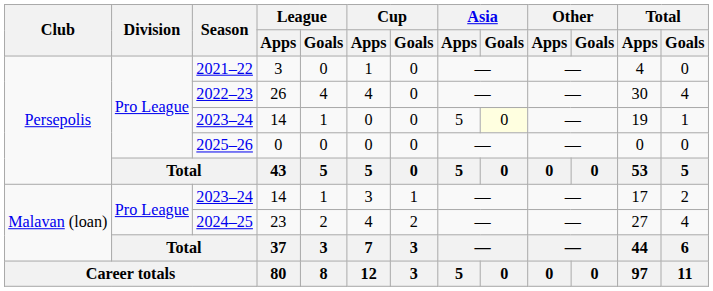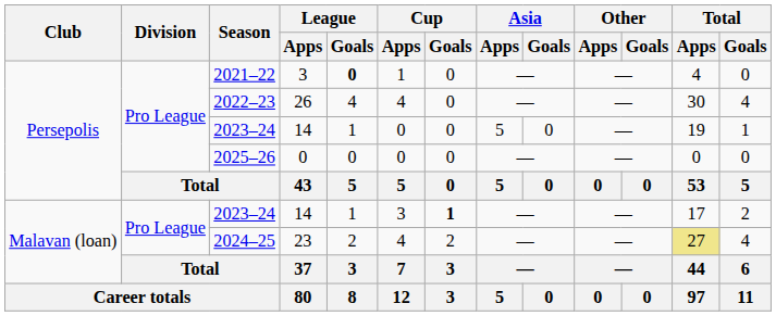 <table class="wikitable" style="text-align: center;">
 <tr>
 <th rowspan="2">Club</th>
 <th rowspan="2">Division</th>
 <th rowspan="2">Season</th>
 <th colspan="2">League</th>
 <th colspan="2">Cup</th>
 <th colspan="2"><a href='#'>Asia</a></th>
 <th colspan="2">Other</th>
 <th colspan="2">Total</th>
 </tr>
 <tr>
 <th>Apps</th>
 <th>Goals</th>
 <th>Apps</th>
 <th>Goals</th>
 <th>Apps</th>
 <th>Goals</th>
 <th>Apps</th>
 <th>Goals</th>
 <th>Apps</th>
 <th>Goals</th>
 </tr>
 <tr>
 <td rowspan="5"><a href='#'>Persepolis</a></td>
 <td rowspan="4"><a href='#'>Pro League</a></td>
 <td><a href='#'>2021–22</a></td>
 <td>3</td>
-<td>0</td>
+<td><strong>0</strong></td>
 <td>1</td>
 <td>0</td>
 <td colspan="2">—</td>
 <td colspan="2">—</td>
 <td>4</td>
 <td>0</td>
 </tr>
 <tr>
 <td><a href='#'>2022–23</a></td>
 <td>26</td>
 <td>4</td>
 <td>4</td>
 <td>0</td>
 <td colspan="2">—</td>
 <td colspan="2">—</td>
 <td>30</td>
 <td>4</td>
 </tr>
 <tr>
 <td><a href='#'>2023–24</a></td>
 <td>14</td>
 <td>1</td>
 <td>0</td>
 <td>0</td>
 <td>5</td>
-<td style="background: lightyellow;">0</td>
+<td>0</td>
 <td colspan="2">—</td>
 <td>19</td>
 <td>1</td>
 </tr>
 <tr>
 <td><a href='#'>2025–26</a></td>
 <td>0</td>
 <td>0</td>
 <td>0</td>
 <td>0</td>
 <td colspan="2">—</td>
 <td colspan="2">—</td>
 <td>0</td>
 <td>0</td>
 </tr>
 <tr>
 <th colspan="2">Total</th>
 <th>43</th>
 <th>5</th>
 <th>5</th>
 <th>0</th>
 <th>5</th>
 <th>0</th>
 <th>0</th>
 <th>0</th>
 <th>53</th>
 <th>5</th>
 </tr>
 <tr>
 <td rowspan="3"><a href='#'>Malavan</a> (loan)</td>
 <td rowspan="2"><a href='#'>Pro League</a></td>
 <td><a href='#'>2023–24</a></td>
 <td>14</td>
 <td>1</td>
 <td>3</td>
-<td>1</td>
+<td><strong>1</strong></td>
 <td colspan="2">—</td>
 <td colspan="2">—</td>
 <td>17</td>
 <td>2</td>
 </tr>
 <tr>
 <td><a href='#'>2024–25</a></td>
 <td>23</td>
 <td>2</td>
 <td>4</td>
 <td>2</td>
 <td colspan="2">—</td>
 <td colspan="2">—</td>
-<td>27</td>
+<td style="background: khaki;">27</td>
 <td>4</td>
 </tr>
 <tr>
 <th colspan="2">Total</th>
 <th>37</th>
 <th>3</th>
 <th>7</th>
 <th>3</th>
 <th colspan="2">—</th>
 <th colspan="2">—</th>
 <th>44</th>
 <th>6</th>
 </tr>
 <tr>
 <th colspan="3">Career totals</th>
 <th>80</th>
 <th>8</th>
 <th>12</th>
 <th>3</th>
 <th>5</th>
 <th>0</th>
 <th>0</th>
 <th>0</th>
 <th>97</th>
 <th>11</th>
 </tr>
 </table>
